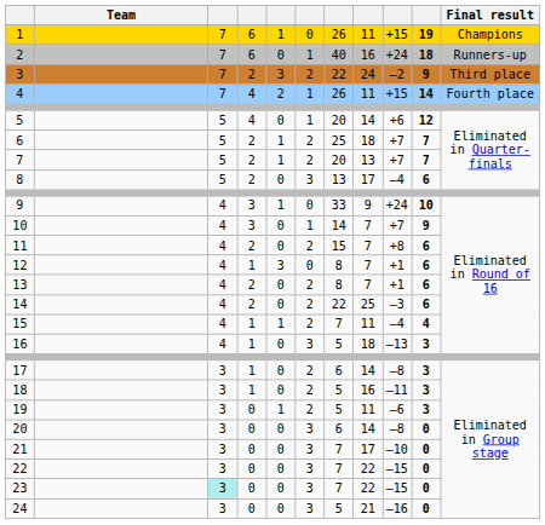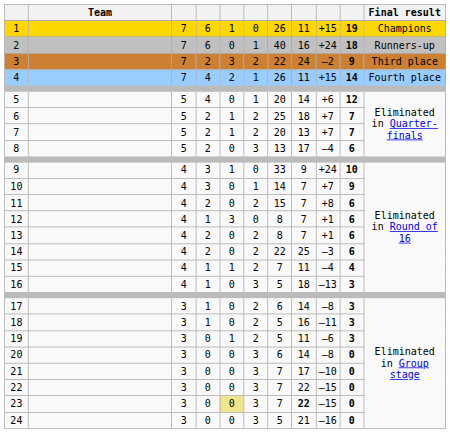 <table class=wikitable style="text-align:center">
 <tr>
 <th width="25"></th>
 <th width="180">Team</th>
 <th width="25"></th>
 <th width="25"></th>
 <th width="25"></th>
 <th width="25"></th>
 <th width="25"></th>
 <th width="25"></th>
 <th width="25"></th>
 <th width="25"></th>
 <th width="100">Final result</th>
 </tr>
 <tr>
 </tr>
 <tr style="background: #FFD700;">
 <td>1</td>
 <td align=left></td>
 <td>7</td>
 <td>6</td>
 <td>1</td>
 <td>0</td>
 <td>26</td>
 <td>11</td>
 <td>+15</td>
 <td><strong>19</strong></td>
 <td>Champions</td>
 </tr>
 <tr style="background: #C0C0C0;">
 <td>2</td>
 <td align=left></td>
 <td>7</td>
 <td>6</td>
 <td>0</td>
 <td>1</td>
 <td>40</td>
 <td>16</td>
 <td>+24</td>
 <td><strong>18</strong></td>
 <td>Runners-up</td>
 </tr>
 <tr style="background: #CD7F32;">
 <td>3</td>
 <td align=left></td>
 <td>7</td>
 <td>2</td>
 <td>3</td>
 <td>2</td>
 <td>22</td>
 <td>24</td>
 <td>–2</td>
 <td><strong>9</strong></td>
 <td>Third place</td>
 </tr>
 <tr bgcolor=#9acdff>
 <td>4</td>
 <td align=left></td>
 <td>7</td>
 <td>4</td>
 <td>2</td>
 <td>1</td>
 <td>26</td>
 <td>11</td>
 <td>+15</td>
 <td><strong>14</strong></td>
 <td>Fourth place</td>
 </tr>
 <tr style="border-top:8px solid #BBBBBB;">
 <td>5</td>
 <td align=left></td>
 <td>5</td>
 <td>4</td>
 <td>0</td>
 <td>1</td>
 <td>20</td>
 <td>14</td>
 <td>+6</td>
 <td><strong>12</strong></td>
 <td rowspan=4>Eliminated in <a href='#'>Quarter-finals</a></td>
 </tr>
 <tr>
 <td>6</td>
 <td align=left></td>
 <td>5</td>
 <td>2</td>
 <td>1</td>
 <td>2</td>
 <td>25</td>
 <td>18</td>
 <td>+7</td>
 <td><strong>7</strong></td>
 </tr>
 <tr>
 <td>7</td>
 <td align=left></td>
 <td>5</td>
 <td>2</td>
 <td>1</td>
 <td>2</td>
 <td>20</td>
 <td>13</td>
 <td>+7</td>
 <td><strong>7</strong></td>
 </tr>
 <tr>
 <td>8</td>
 <td align=left></td>
 <td>5</td>
 <td>2</td>
 <td>0</td>
 <td>3</td>
 <td>13</td>
 <td>17</td>
 <td>–4</td>
 <td><strong>6</strong></td>
 </tr>
 <tr style="border-top:8px solid #BBBBBB;">
 <td>9</td>
 <td align=left></td>
 <td>4</td>
 <td>3</td>
 <td>1</td>
 <td>0</td>
 <td>33</td>
 <td>9</td>
 <td>+24</td>
 <td><strong>10</strong></td>
 <td rowspan=8>Eliminated in <a href='#'>Round of 16</a></td>
 </tr>
 <tr>
 <td>10</td>
 <td align=left></td>
 <td>4</td>
 <td>3</td>
 <td>0</td>
 <td>1</td>
 <td>14</td>
 <td>7</td>
 <td>+7</td>
 <td><strong>9</strong></td>
 </tr>
 <tr>
 <td>11</td>
 <td align=left></td>
 <td>4</td>
 <td>2</td>
 <td>0</td>
 <td>2</td>
 <td>15</td>
 <td>7</td>
 <td>+8</td>
 <td><strong>6</strong></td>
 </tr>
 <tr>
 <td>12</td>
 <td align=left></td>
 <td>4</td>
 <td>1</td>
 <td>3</td>
 <td>0</td>
 <td>8</td>
 <td>7</td>
 <td>+1</td>
 <td><strong>6</strong></td>
 </tr>
 <tr>
 <td>13</td>
 <td align=left></td>
 <td>4</td>
 <td>2</td>
 <td>0</td>
 <td>2</td>
 <td>8</td>
 <td>7</td>
 <td>+1</td>
 <td><strong>6</strong></td>
 </tr>
 <tr>
 <td>14</td>
 <td align=left></td>
 <td>4</td>
 <td>2</td>
 <td>0</td>
 <td>2</td>
 <td>22</td>
 <td>25</td>
 <td>–3</td>
 <td><strong>6</strong></td>
 </tr>
 <tr>
 <td>15</td>
 <td align=left></td>
 <td>4</td>
 <td>1</td>
 <td>1</td>
 <td>2</td>
 <td>7</td>
 <td>11</td>
 <td>–4</td>
 <td><strong>4</strong></td>
 </tr>
 <tr>
 <td>16</td>
 <td align=left></td>
 <td>4</td>
 <td>1</td>
 <td>0</td>
 <td>3</td>
 <td>5</td>
 <td>18</td>
 <td>–13</td>
 <td><strong>3</strong></td>
 </tr>
 <tr style="border-top:8px solid #BBBBBB;">
 <td>17</td>
 <td align=left></td>
 <td>3</td>
 <td>1</td>
 <td>0</td>
 <td>2</td>
 <td>6</td>
 <td>14</td>
 <td>–8</td>
 <td><strong>3</strong></td>
 <td rowspan=8>Eliminated in <a href='#'>Group stage</a></td>
 </tr>
 <tr>
 <td>18</td>
 <td align=left></td>
 <td>3</td>
 <td>1</td>
 <td>0</td>
 <td>2</td>
 <td>5</td>
 <td>16</td>
 <td>–11</td>
 <td><strong>3</strong></td>
 </tr>
 <tr>
 <td>19</td>
 <td align=left></td>
 <td>3</td>
 <td>0</td>
 <td>1</td>
 <td>2</td>
 <td>5</td>
 <td>11</td>
 <td>–6</td>
 <td><strong>3</strong></td>
 </tr>
 <tr>
 <td>20</td>
 <td align=left></td>
 <td>3</td>
 <td>0</td>
 <td>0</td>
 <td>3</td>
 <td>6</td>
 <td>14</td>
 <td>–8</td>
 <td><strong>0</strong></td>
 </tr>
 <tr>
 <td>21</td>
 <td align=left></td>
 <td>3</td>
 <td>0</td>
 <td>0</td>
 <td>3</td>
 <td>7</td>
 <td>17</td>
 <td>–10</td>
 <td><strong>0</strong></td>
 </tr>
 <tr>
 <td>22</td>
 <td align=left></td>
 <td>3</td>
 <td>0</td>
 <td>0</td>
 <td>3</td>
 <td>7</td>
 <td>22</td>
 <td>–15</td>
 <td><strong>0</strong></td>
 </tr>
 <tr>
 <td>23</td>
 <td align=left></td>
-<td style="background: paleturquoise;">3</td>
+<td>3</td>
 <td>0</td>
-<td>0</td>
+<td style="background: khaki;">0</td>
 <td>3</td>
 <td>7</td>
-<td>22</td>
+<td><strong>22</strong></td>
 <td>–15</td>
 <td><strong>0</strong></td>
 </tr>
 <tr>
 <td>24</td>
 <td align=left></td>
 <td>3</td>
 <td>0</td>
 <td>0</td>
 <td>3</td>
 <td>5</td>
 <td>21</td>
 <td>–16</td>
 <td><strong>0</strong></td>
 </tr>
 </table>
